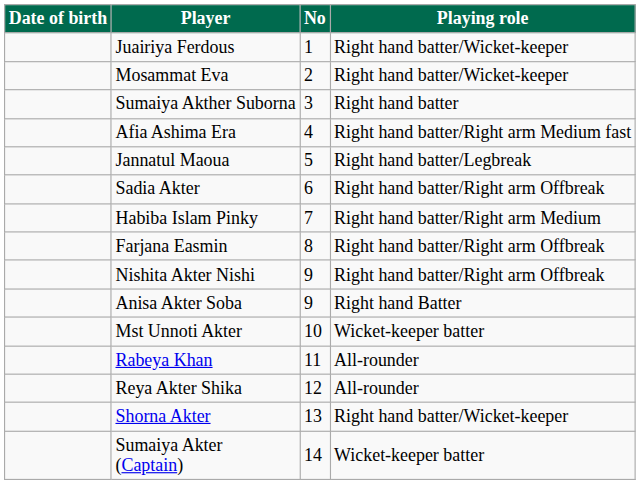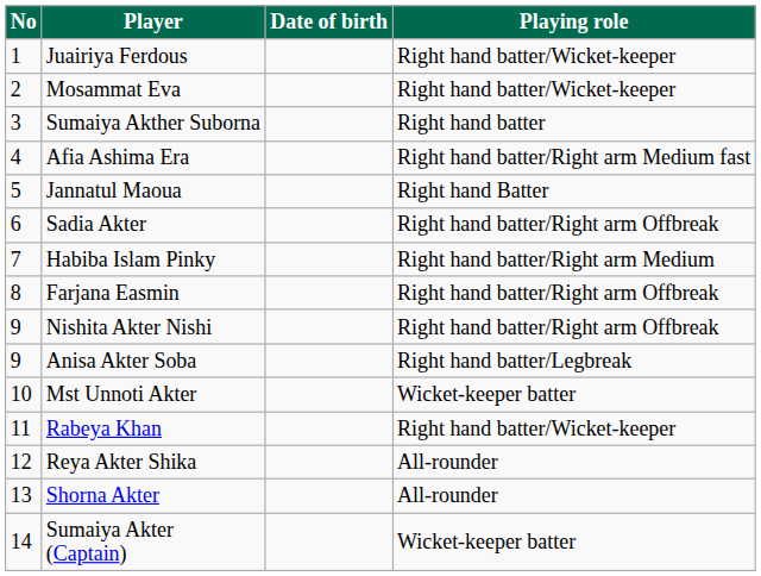 <table class="wikitable">
 <tr>
+<th style="color:white; background:#006A4E;">No</th>
+<th style="color:white; background:#006A4E;">Player</th>
 <th style="color:white; background:#006A4E;">Date of birth</th>
-<th style="color:white; background:#006A4E;">Player</th>
-<th style="color:white; background:#006A4E;">No</th>
 <th style="color:white; background:#006A4E;">Playing role</th>
 </tr>
 <tr>
+<td>1</td>
+<td>Juairiya Ferdous</td>
 <td></td>
-<td>Juairiya Ferdous</td>
-<td>1</td>
 <td>Right hand batter/Wicket-keeper</td>
 </tr>
 <tr>
+<td>2</td>
+<td>Mosammat Eva</td>
 <td></td>
-<td>Mosammat Eva</td>
-<td>2</td>
 <td>Right hand batter/Wicket-keeper</td>
 </tr>
 <tr>
+<td>3</td>
+<td>Sumaiya Akther Suborna</td>
 <td></td>
-<td>Sumaiya Akther Suborna</td>
-<td>3</td>
 <td>Right hand batter</td>
 </tr>
 <tr>
+<td>4</td>
+<td>Afia Ashima Era</td>
 <td></td>
-<td>Afia Ashima Era</td>
-<td>4</td>
 <td>Right hand batter/Right arm Medium fast</td>
 </tr>
 <tr>
+<td>5</td>
+<td>Jannatul Maoua</td>
 <td></td>
-<td>Jannatul Maoua</td>
-<td>5</td>
+<td>Right hand Batter</td>
+</tr>
+<tr>
+<td>6</td>
+<td>Sadia Akter</td>
+<td></td>
+<td>Right hand batter/Right arm Offbreak</td>
+</tr>
+<tr>
+<td>7</td>
+<td>Habiba Islam Pinky</td>
+<td></td>
+<td>Right hand batter/Right arm Medium</td>
+</tr>
+<tr>
+<td>8</td>
+<td>Farjana Easmin</td>
+<td></td>
+<td>Right hand batter/Right arm Offbreak</td>
+</tr>
+<tr>
+<td>9</td>
+<td>Nishita Akter Nishi</td>
+<td></td>
+<td>Right hand batter/Right arm Offbreak</td>
+</tr>
+<tr>
+<td>9</td>
+<td>Anisa Akter Soba</td>
+<td></td>
 <td>Right hand batter/Legbreak</td>
 </tr>
 <tr>
+<td>10</td>
+<td>Mst Unnoti Akter</td>
 <td></td>
-<td>Sadia Akter</td>
-<td>6</td>
-<td>Right hand batter/Right arm Offbreak</td>
-</tr>
-<tr>
-<td></td>
-<td>Habiba Islam Pinky</td>
-<td>7</td>
-<td>Right hand batter/Right arm Medium</td>
-</tr>
-<tr>
-<td></td>
-<td>Farjana Easmin</td>
-<td>8</td>
-<td>Right hand batter/Right arm Offbreak</td>
-</tr>
-<tr>
-<td></td>
-<td>Nishita Akter Nishi</td>
-<td>9</td>
-<td>Right hand batter/Right arm Offbreak</td>
-</tr>
-<tr>
-<td></td>
-<td>Anisa Akter Soba</td>
-<td>9</td>
-<td>Right hand Batter</td>
-</tr>
-<tr>
-<td></td>
-<td>Mst Unnoti Akter</td>
-<td>10</td>
 <td>Wicket-keeper batter</td>
 </tr>
 <tr>
+<td>11</td>
+<td><a href='#'>Rabeya Khan</a></td>
 <td></td>
-<td><a href='#'>Rabeya Khan</a></td>
-<td>11</td>
+<td>Right hand batter/Wicket-keeper</td>
+</tr>
+<tr>
+<td>12</td>
+<td>Reya Akter Shika</td>
+<td></td>
 <td>All-rounder</td>
 </tr>
 <tr>
+<td>13</td>
+<td><a href='#'>Shorna Akter</a></td>
 <td></td>
-<td>Reya Akter Shika</td>
-<td>12</td>
 <td>All-rounder</td>
 </tr>
 <tr>
+<td>14</td>
+<td>Sumaiya Akter<br>(<a href='#'>Captain</a>)</td>
 <td></td>
-<td><a href='#'>Shorna Akter</a></td>
-<td>13</td>
-<td>Right hand batter/Wicket-keeper</td>
-</tr>
-<tr>
-<td></td>
-<td>Sumaiya Akter<br>(<a href='#'>Captain</a>)</td>
-<td>14</td>
 <td>Wicket-keeper batter</td>
 </tr>
 </table>
